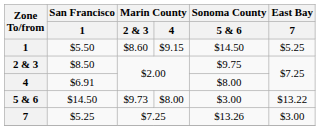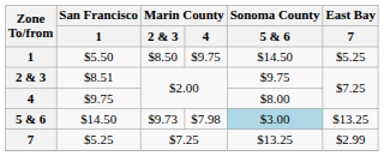 <table class="wikitable" style="text-align:center">
 <tr>
 <th rowspan="2">Zone<br>To/from</th>
 <th>San Francisco</th>
 <th colspan="2">Marin County</th>
 <th>Sonoma County</th>
 <th>East Bay</th>
 </tr>
 <tr>
 <th>1</th>
 <th>2 & 3</th>
 <th>4</th>
 <th>5 & 6</th>
 <th>7</th>
 </tr>
 <tr>
 <th>1</th>
 <td>$5.50</td>
-<td>$8.60</td>
-<td>$9.15</td>
+<td>$8.50</td>
+<td>$9.75</td>
 <td>$14.50</td>
 <td>$5.25</td>
 </tr>
 <tr>
 <th>2 & 3</th>
-<td>$8.50</td>
+<td>$8.51</td>
 <td colspan="2" rowspan="2">$2.00</td>
 <td>$9.75</td>
 <td rowspan="2">$7.25</td>
 </tr>
 <tr>
 <th>4</th>
-<td>$6.91</td>
+<td>$9.75</td>
 <td>$8.00</td>
 </tr>
 <tr>
 <th>5 & 6</th>
 <td>$14.50</td>
 <td>$9.73</td>
-<td>$8.00</td>
-<td>$3.00</td>
-<td>$13.22</td>
+<td>$7.98</td>
+<td style="background: lightblue;">$3.00</td>
+<td>$13.25</td>
 </tr>
 <tr>
 <th>7</th>
 <td>$5.25</td>
 <td colspan="2">$7.25</td>
-<td>$13.26</td>
-<td>$3.00</td>
+<td>$13.25</td>
+<td>$2.99</td>
 </tr>
 <tr>
 </tr>
 </table>
